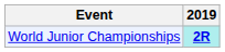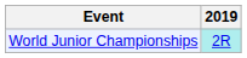 <table style='font-size: 90%; text-align:center;' class='wikitable'>
 <tr>
 <th>Event</th>
 <th>2019</th>
 </tr>
 <tr>
 <td bgcolor="#ECF2FF"; align="left"><a href='#'>World Junior Championships</a></td>
-<td bgcolor=AFEEEE><strong><a href='#'>2R</a></strong></td>
+<td bgcolor=AFEEEE><a href='#'>2R</a></td>
 </tr>
 </table>
